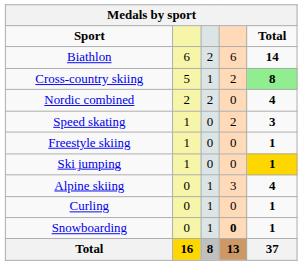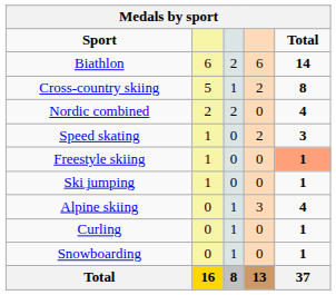 <table class="wikitable" style="font-size:85%; float:right; clear:right; min-width:308px">
 <tr style="background:#efefef;">
 <th colspan=5>Medals by sport</th>
 </tr>
 <tr align=center>
 <td><strong>Sport</strong></td>
 <td bgcolor=F7F6A8></td>
 <td bgcolor=DCE5E5></td>
 <td bgcolor=FFDAB9></td>
 <td><strong>Total</strong></td>
 </tr>
 <tr align=center>
 <td><a href='#'>Biathlon</a></td>
 <td bgcolor=F7F6A8>6</td>
 <td bgcolor=DCE5E5>2</td>
 <td bgcolor=FFDAB9>6</td>
 <td><strong>14</strong></td>
 </tr>
 <tr align=center>
 <td><a href='#'>Cross-country skiing</a></td>
 <td bgcolor=F7F6A8>5</td>
 <td bgcolor=DCE5E5>1</td>
 <td bgcolor=FFDAB9>2</td>
-<td style="background: lightgreen;"><strong>8</strong></td>
+<td><strong>8</strong></td>
 </tr>
 <tr align=center>
 <td><a href='#'>Nordic combined</a></td>
 <td bgcolor=F7F6A8>2</td>
 <td bgcolor=DCE5E5>2</td>
 <td bgcolor=FFDAB9>0</td>
 <td><strong>4</strong></td>
 </tr>
 <tr align=center>
 <td><a href='#'>Speed skating</a></td>
 <td bgcolor=F7F6A8>1</td>
 <td bgcolor=DCE5E5>0</td>
 <td bgcolor=FFDAB9>2</td>
 <td><strong>3</strong></td>
 </tr>
 <tr align=center>
 <td><a href='#'>Freestyle skiing</a></td>
 <td bgcolor=F7F6A8>1</td>
 <td bgcolor=DCE5E5>0</td>
 <td bgcolor=FFDAB9>0</td>
-<td><strong>1</strong></td>
+<td style="background: lightsalmon;"><strong>1</strong></td>
 </tr>
 <tr align=center>
 <td><a href='#'>Ski jumping</a></td>
 <td bgcolor=F7F6A8>1</td>
 <td bgcolor=DCE5E5>0</td>
 <td bgcolor=FFDAB9>0</td>
-<td style="background: gold;"><strong>1</strong></td>
+<td><strong>1</strong></td>
 </tr>
 <tr align=center>
 <td><a href='#'>Alpine skiing</a></td>
 <td bgcolor=F7F6A8>0</td>
 <td bgcolor=DCE5E5>1</td>
 <td bgcolor=FFDAB9>3</td>
 <td><strong>4</strong></td>
 </tr>
 <tr align=center>
 <td><a href='#'>Curling</a></td>
 <td bgcolor=F7F6A8>0</td>
 <td bgcolor=DCE5E5>1</td>
 <td bgcolor=FFDAB9>0</td>
 <td><strong>1</strong></td>
 </tr>
 <tr align=center>
 <td><a href='#'>Snowboarding</a></td>
 <td bgcolor=F7F6A8>0</td>
 <td bgcolor=DCE5E5>1</td>
-<td bgcolor=FFDAB9><strong>0</strong></td>
+<td bgcolor=FFDAB9>0</td>
 <td><strong>1</strong></td>
 </tr>
 <tr align=center>
 <th>Total</th>
 <th style="background:gold;">16</th>
 <th style="background:silver;">8</th>
 <th style="background:#c96;">13</th>
 <th>37</th>
 </tr>
 </table>
